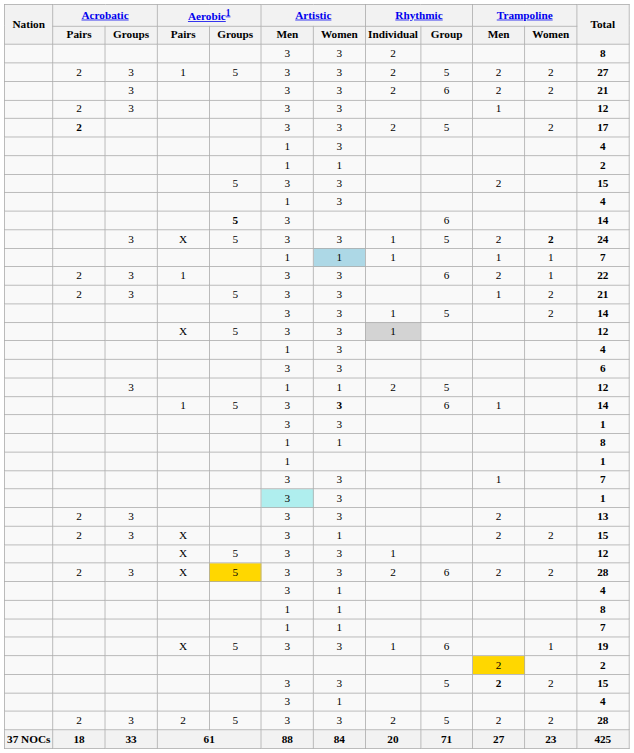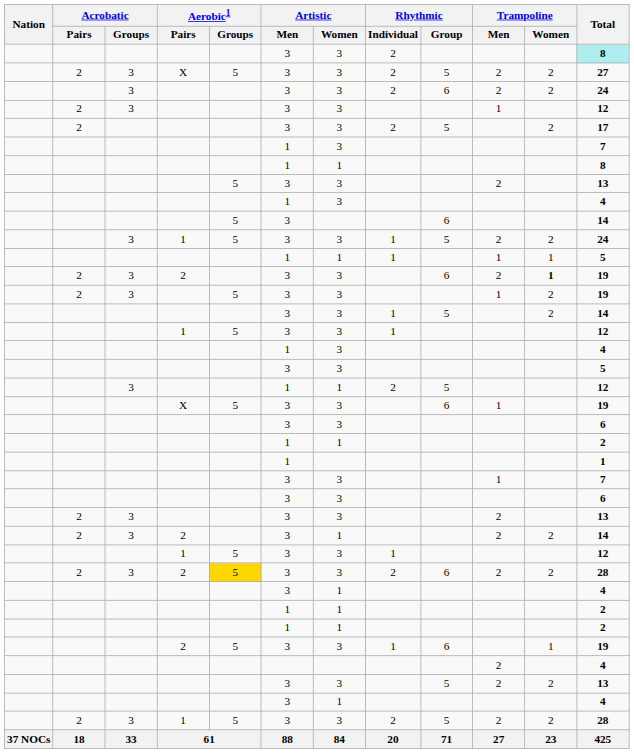 <table class="wikitable" style="text-align:center; font-size:90%;">
 <tr>
 <th rowspan=2>Nation</th>
 <th colspan=2><a href='#'>Acrobatic</a></th>
 <th colspan=2><a href='#'>Aerobic</a><sup><a href='#'>1</a></sup></th>
 <th colspan=2><a href='#'>Artistic</a></th>
 <th colspan=2><a href='#'>Rhythmic</a></th>
 <th colspan=2><a href='#'>Trampoline</a></th>
 <th rowspan=2 width=60>Total</th>
 </tr>
 <tr>
 <th width=60>Pairs</th>
 <th width=60>Groups</th>
 <th width=60>Pairs</th>
 <th width=60>Groups</th>
 <th width=60>Men</th>
 <th width=60>Women</th>
 <th width=60>Individual</th>
 <th width=60>Group</th>
 <th width=60>Men</th>
 <th width=60>Women</th>
 </tr>
 <tr>
 <td align=left></td>
 <td></td>
 <td></td>
 <td></td>
 <td></td>
 <td>3</td>
 <td>3</td>
 <td>2</td>
 <td></td>
 <td></td>
 <td></td>
-<td><strong>8</strong></td>
+<td style="background: paleturquoise;"><strong>8</strong></td>
 </tr>
 <tr>
 <td align=left></td>
 <td>2</td>
 <td>3</td>
-<td>1</td>
+<td>X</td>
 <td>5</td>
 <td>3</td>
 <td>3</td>
 <td>2</td>
 <td>5</td>
 <td>2</td>
 <td>2</td>
 <td><strong>27</strong></td>
 </tr>
 <tr>
 <td align=left></td>
 <td></td>
 <td>3</td>
 <td></td>
 <td></td>
 <td>3</td>
 <td>3</td>
 <td>2</td>
 <td>6</td>
 <td>2</td>
 <td>2</td>
-<td><strong>21</strong></td>
+<td><strong>24</strong></td>
 </tr>
 <tr>
 <td align=left></td>
 <td>2</td>
 <td>3</td>
 <td></td>
 <td></td>
 <td>3</td>
 <td>3</td>
 <td></td>
 <td></td>
 <td>1</td>
 <td></td>
 <td><strong>12</strong></td>
 </tr>
 <tr>
 <td align=left></td>
-<td><strong>2</strong></td>
+<td>2</td>
 <td></td>
 <td></td>
 <td></td>
 <td>3</td>
 <td>3</td>
 <td>2</td>
 <td>5</td>
 <td></td>
 <td>2</td>
 <td><strong>17</strong></td>
 </tr>
 <tr>
 <td align=left></td>
 <td></td>
 <td></td>
 <td></td>
 <td></td>
 <td>1</td>
 <td>3</td>
 <td></td>
 <td></td>
 <td></td>
 <td></td>
-<td><strong>4</strong></td>
+<td><strong>7</strong></td>
 </tr>
 <tr>
 <td align=left></td>
 <td></td>
 <td></td>
 <td></td>
 <td></td>
 <td>1</td>
 <td>1</td>
 <td></td>
 <td></td>
 <td></td>
 <td></td>
-<td><strong>2</strong></td>
+<td><strong>8</strong></td>
 </tr>
 <tr>
 <td align=left></td>
 <td></td>
 <td></td>
 <td></td>
 <td>5</td>
 <td>3</td>
 <td>3</td>
 <td></td>
 <td></td>
 <td>2</td>
 <td></td>
-<td><strong>15</strong></td>
+<td><strong>13</strong></td>
 </tr>
 <tr>
 <td align=left></td>
 <td></td>
 <td></td>
 <td></td>
 <td></td>
 <td>1</td>
 <td>3</td>
 <td></td>
 <td></td>
 <td></td>
 <td></td>
 <td><strong>4</strong></td>
 </tr>
 <tr>
 <td align=left></td>
 <td></td>
 <td></td>
 <td></td>
-<td><strong>5</strong></td>
+<td>5</td>
 <td>3</td>
 <td></td>
 <td></td>
 <td>6</td>
 <td></td>
 <td></td>
 <td><strong>14</strong></td>
 </tr>
 <tr>
 <td align=left></td>
 <td></td>
 <td>3</td>
-<td>X</td>
+<td>1</td>
 <td>5</td>
 <td>3</td>
 <td>3</td>
 <td>1</td>
 <td>5</td>
 <td>2</td>
-<td><strong>2</strong></td>
+<td>2</td>
 <td><strong>24</strong></td>
 </tr>
 <tr>
 <td align=left></td>
 <td></td>
 <td></td>
 <td></td>
 <td></td>
 <td>1</td>
-<td style="background: lightblue;">1</td>
+<td>1</td>
 <td>1</td>
 <td></td>
 <td>1</td>
 <td>1</td>
-<td><strong>7</strong></td>
+<td><strong>5</strong></td>
 </tr>
 <tr>
 <td align=left></td>
 <td>2</td>
 <td>3</td>
-<td>1</td>
+<td>2</td>
 <td></td>
 <td>3</td>
 <td>3</td>
 <td></td>
 <td>6</td>
 <td>2</td>
-<td>1</td>
-<td><strong>22</strong></td>
+<td><strong>1</strong></td>
+<td><strong>19</strong></td>
 </tr>
 <tr>
 <td align=left></td>
 <td>2</td>
 <td>3</td>
 <td></td>
 <td>5</td>
 <td>3</td>
 <td>3</td>
 <td></td>
 <td></td>
 <td>1</td>
 <td>2</td>
-<td><strong>21</strong></td>
+<td><strong>19</strong></td>
 </tr>
 <tr>
 <td align=left></td>
 <td></td>
 <td></td>
 <td></td>
 <td></td>
 <td>3</td>
 <td>3</td>
 <td>1</td>
 <td>5</td>
 <td></td>
 <td>2</td>
 <td><strong>14</strong></td>
 </tr>
 <tr>
 <td align=left></td>
 <td></td>
 <td></td>
-<td>X</td>
+<td>1</td>
 <td>5</td>
 <td>3</td>
 <td>3</td>
-<td style="background: lightgrey;">1</td>
+<td>1</td>
 <td></td>
 <td></td>
 <td></td>
 <td><strong>12</strong></td>
 </tr>
 <tr>
 <td align=left></td>
 <td></td>
 <td></td>
 <td></td>
 <td></td>
 <td>1</td>
 <td>3</td>
 <td></td>
 <td></td>
 <td></td>
 <td></td>
 <td><strong>4</strong></td>
 </tr>
 <tr>
 <td align=left></td>
 <td></td>
 <td></td>
 <td></td>
 <td></td>
 <td>3</td>
 <td>3</td>
 <td></td>
 <td></td>
 <td></td>
 <td></td>
-<td><strong>6</strong></td>
+<td><strong>5</strong></td>
 </tr>
 <tr>
 <td align=left></td>
 <td></td>
 <td>3</td>
 <td></td>
 <td></td>
 <td>1</td>
 <td>1</td>
 <td>2</td>
 <td>5</td>
 <td></td>
 <td></td>
 <td><strong>12</strong></td>
 </tr>
 <tr>
 <td align=left></td>
 <td></td>
 <td></td>
-<td>1</td>
+<td>X</td>
 <td>5</td>
 <td>3</td>
-<td><strong>3</strong></td>
+<td>3</td>
 <td></td>
 <td>6</td>
 <td>1</td>
 <td></td>
-<td><strong>14</strong></td>
+<td><strong>19</strong></td>
 </tr>
 <tr>
 <td align=left></td>
 <td></td>
 <td></td>
 <td></td>
 <td></td>
 <td>3</td>
 <td>3</td>
 <td></td>
 <td></td>
 <td></td>
 <td></td>
-<td><strong>1</strong></td>
+<td><strong>6</strong></td>
 </tr>
 <tr>
 <td align=left></td>
 <td></td>
 <td></td>
 <td></td>
 <td></td>
 <td>1</td>
 <td>1</td>
 <td></td>
 <td></td>
 <td></td>
 <td></td>
-<td><strong>8</strong></td>
+<td><strong>2</strong></td>
 </tr>
 <tr>
 <td align=left></td>
 <td></td>
 <td></td>
 <td></td>
 <td></td>
 <td>1</td>
 <td></td>
 <td></td>
 <td></td>
 <td></td>
 <td></td>
 <td><strong>1</strong></td>
 </tr>
 <tr>
 <td align=left></td>
 <td></td>
 <td></td>
 <td></td>
 <td></td>
 <td>3</td>
 <td>3</td>
 <td></td>
 <td></td>
 <td>1</td>
 <td></td>
 <td><strong>7</strong></td>
 </tr>
 <tr>
 <td align=left></td>
 <td></td>
 <td></td>
 <td></td>
 <td></td>
-<td style="background: paleturquoise;">3</td>
+<td>3</td>
 <td>3</td>
 <td></td>
 <td></td>
 <td></td>
 <td></td>
-<td><strong>1</strong></td>
+<td><strong>6</strong></td>
 </tr>
 <tr>
 <td align=left></td>
 <td>2</td>
 <td>3</td>
 <td></td>
 <td></td>
 <td>3</td>
 <td>3</td>
 <td></td>
 <td></td>
 <td>2</td>
 <td></td>
 <td><strong>13</strong></td>
 </tr>
 <tr>
 <td align=left></td>
 <td>2</td>
 <td>3</td>
-<td>X</td>
+<td>2</td>
 <td></td>
 <td>3</td>
 <td>1</td>
 <td></td>
 <td></td>
 <td>2</td>
 <td>2</td>
-<td><strong>15</strong></td>
+<td><strong>14</strong></td>
 </tr>
 <tr>
 <td align=left></td>
 <td></td>
 <td></td>
-<td>X</td>
+<td>1</td>
 <td>5</td>
 <td>3</td>
 <td>3</td>
 <td>1</td>
 <td></td>
 <td></td>
 <td></td>
 <td><strong>12</strong></td>
 </tr>
 <tr>
 <td align=left></td>
 <td>2</td>
 <td>3</td>
-<td>X</td>
+<td>2</td>
 <td style="background: gold;">5</td>
 <td>3</td>
 <td>3</td>
 <td>2</td>
 <td>6</td>
 <td>2</td>
 <td>2</td>
 <td><strong>28</strong></td>
 </tr>
 <tr>
 <td align=left></td>
 <td></td>
 <td></td>
 <td></td>
 <td></td>
 <td>3</td>
 <td>1</td>
 <td></td>
 <td></td>
 <td></td>
 <td></td>
 <td><strong>4</strong></td>
 </tr>
 <tr>
 <td align=left></td>
 <td></td>
 <td></td>
 <td></td>
 <td></td>
 <td>1</td>
 <td>1</td>
 <td></td>
 <td></td>
 <td></td>
 <td></td>
-<td><strong>8</strong></td>
+<td><strong>2</strong></td>
 </tr>
 <tr>
 <td align=left></td>
 <td></td>
 <td></td>
 <td></td>
 <td></td>
 <td>1</td>
 <td>1</td>
 <td></td>
 <td></td>
 <td></td>
 <td></td>
-<td><strong>7</strong></td>
+<td><strong>2</strong></td>
 </tr>
 <tr>
 <td align=left></td>
 <td></td>
 <td></td>
-<td>X</td>
+<td>2</td>
 <td>5</td>
 <td>3</td>
 <td>3</td>
 <td>1</td>
 <td>6</td>
 <td></td>
 <td>1</td>
 <td><strong>19</strong></td>
 </tr>
 <tr>
 <td align=left></td>
 <td></td>
 <td></td>
 <td></td>
 <td></td>
 <td></td>
 <td></td>
 <td></td>
 <td></td>
-<td style="background: gold;">2</td>
+<td>2</td>
 <td></td>
-<td><strong>2</strong></td>
+<td><strong>4</strong></td>
 </tr>
 <tr>
 <td align=left></td>
 <td></td>
 <td></td>
 <td></td>
 <td></td>
 <td>3</td>
 <td>3</td>
 <td></td>
 <td>5</td>
-<td><strong>2</strong></td>
 <td>2</td>
-<td><strong>15</strong></td>
+<td>2</td>
+<td><strong>13</strong></td>
 </tr>
 <tr>
 <td align=left></td>
 <td></td>
 <td></td>
 <td></td>
 <td></td>
 <td>3</td>
 <td>1</td>
 <td></td>
 <td></td>
 <td></td>
 <td></td>
 <td><strong>4</strong></td>
 </tr>
 <tr>
 <td align=left></td>
 <td>2</td>
 <td>3</td>
-<td>2</td>
+<td>1</td>
 <td>5</td>
 <td>3</td>
 <td>3</td>
 <td>2</td>
 <td>5</td>
 <td>2</td>
 <td>2</td>
 <td><strong>28</strong></td>
 </tr>
 <tr>
 <th>37 NOCs</th>
 <th>18</th>
 <th>33</th>
 <th colspan=2>61</th>
 <th>88</th>
 <th>84</th>
 <th>20</th>
 <th>71</th>
 <th>27</th>
 <th>23</th>
 <th>425</th>
 </tr>
 </table>
